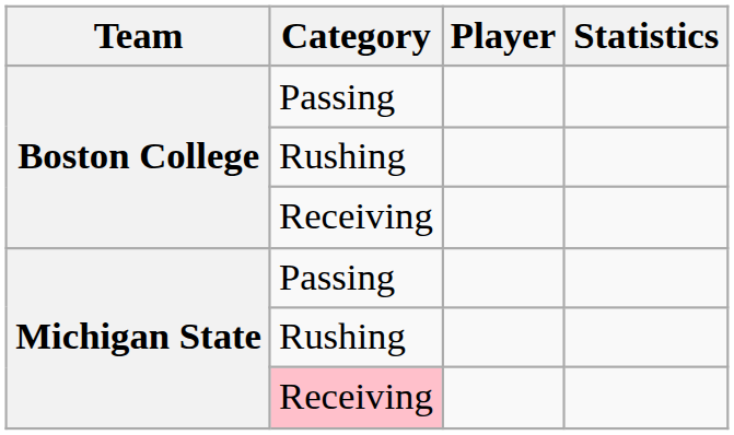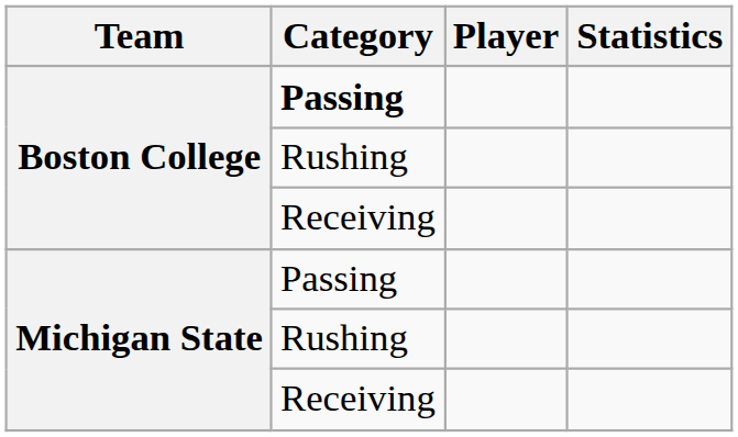 <table class="wikitable" style="float:right">
 <tr>
 <th>Team</th>
 <th>Category</th>
 <th>Player</th>
 <th>Statistics</th>
 </tr>
 <tr>
 <th rowspan=3>Boston College</th>
-<td>Passing</td>
+<td><strong>Passing</strong></td>
 <td></td>
 <td></td>
 </tr>
 <tr>
 <td>Rushing</td>
 <td></td>
 <td></td>
 </tr>
 <tr>
 <td>Receiving</td>
 <td></td>
 <td></td>
 </tr>
 <tr>
 <th rowspan=3>Michigan State</th>
 <td>Passing</td>
 <td></td>
 <td></td>
 </tr>
 <tr>
 <td>Rushing</td>
 <td></td>
 <td></td>
 </tr>
 <tr>
-<td style="background: pink;">Receiving</td>
+<td>Receiving</td>
 <td></td>
 <td></td>
 </tr>
 </table>
